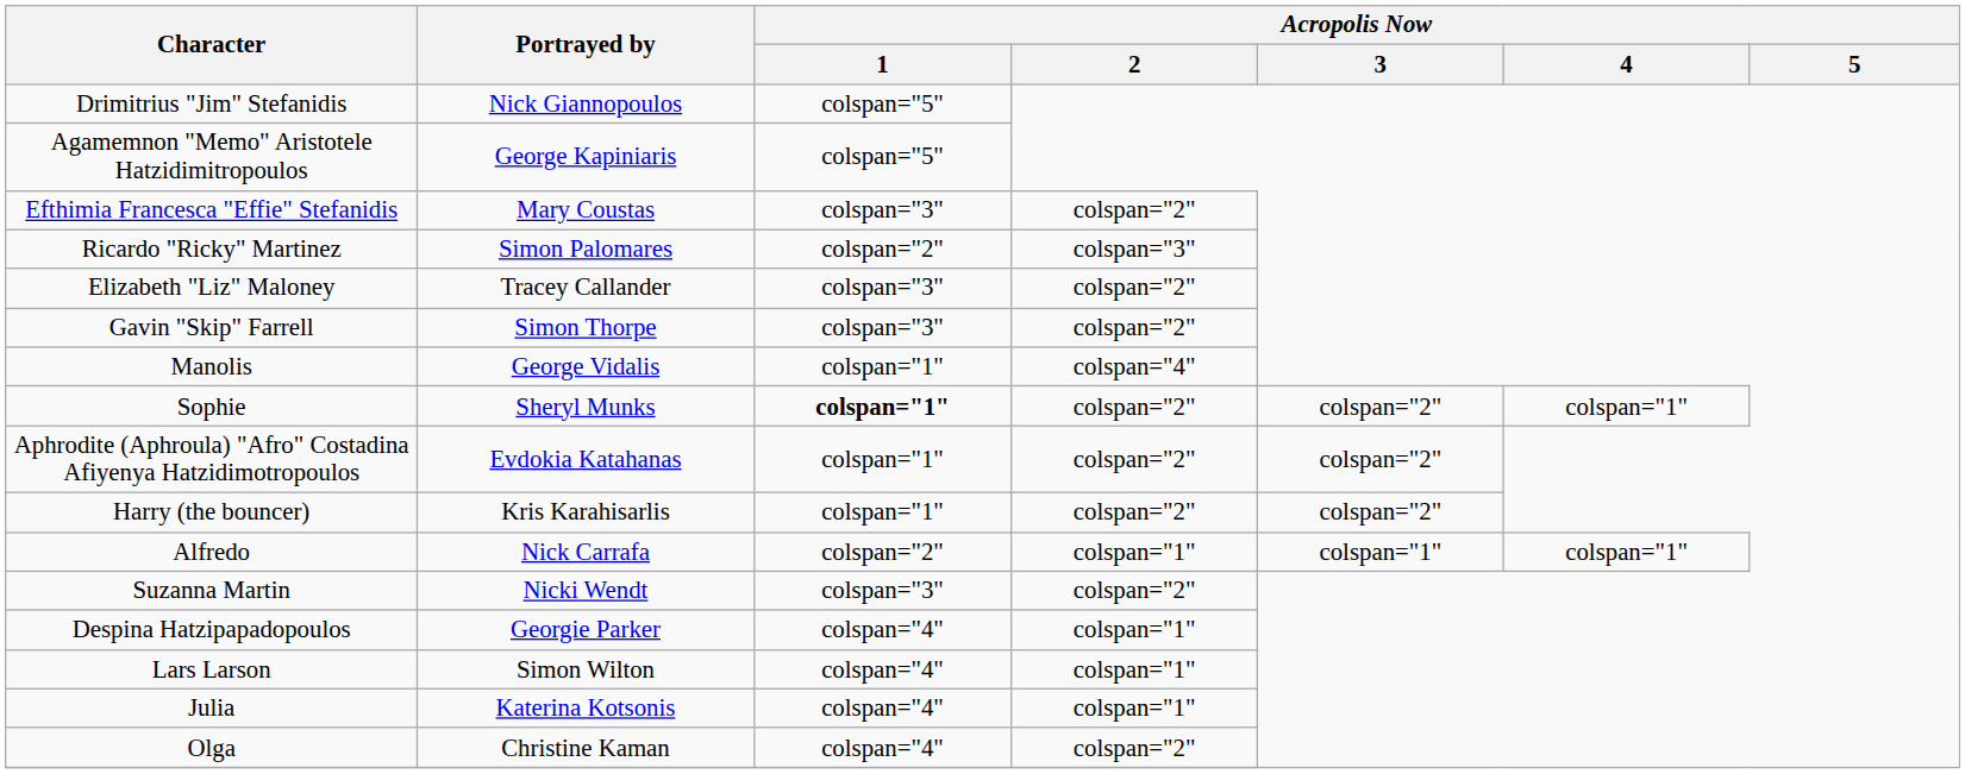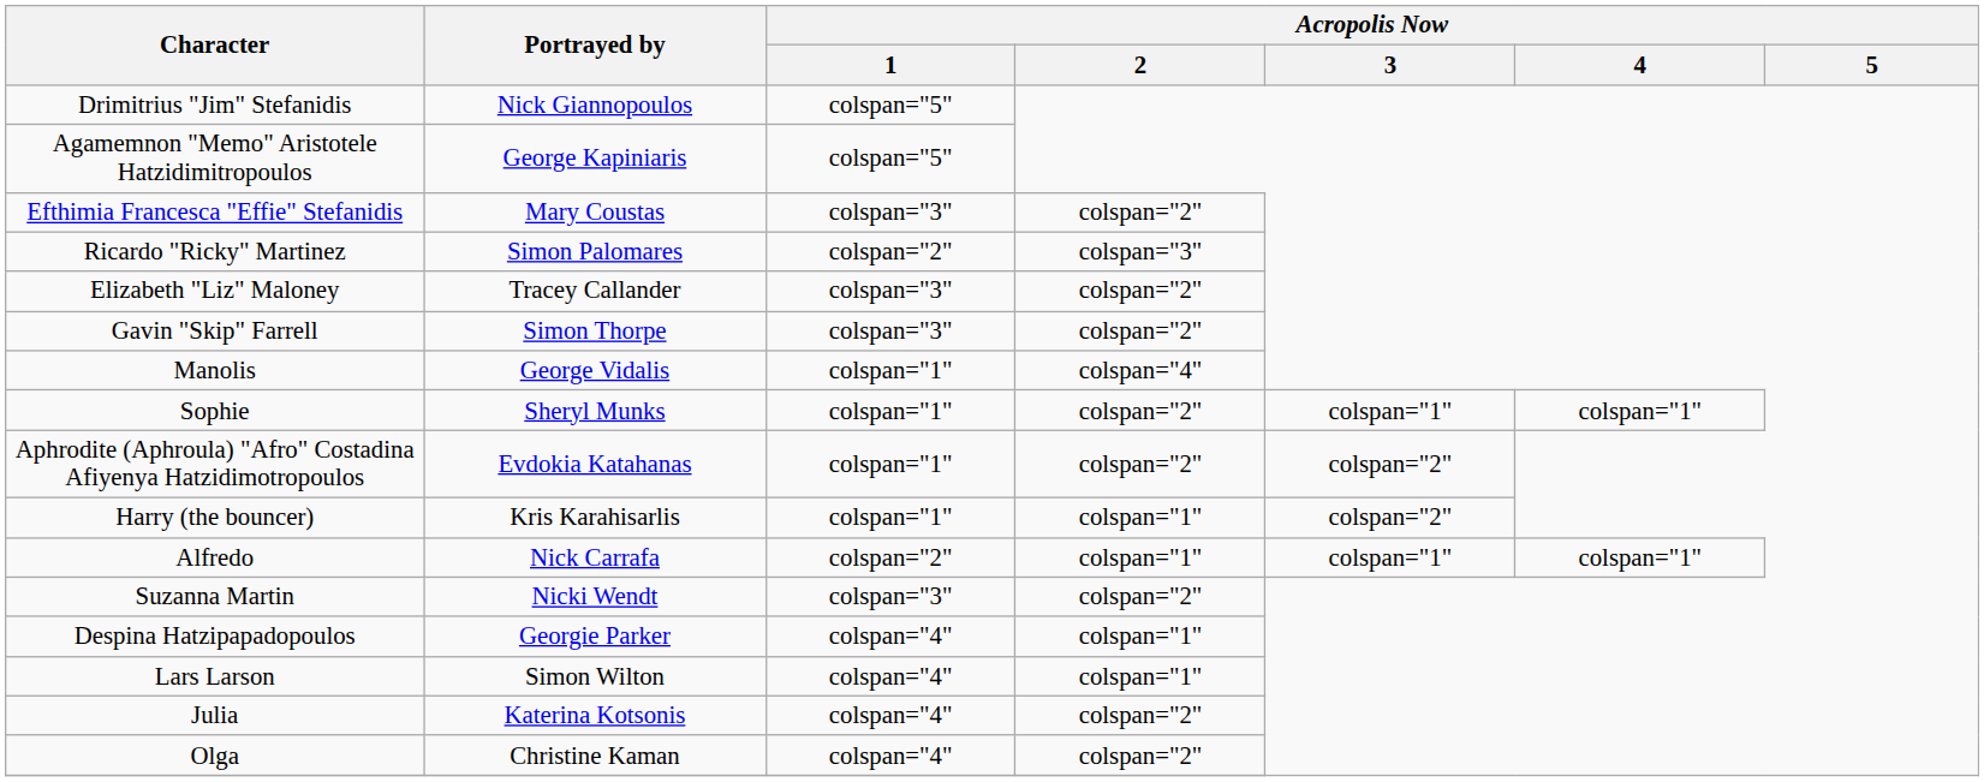 <table class="wikitable plainrowheaders" style="text-align:center; width:100%;">
 <tr>
 <th scope="col" rowspan="2" style="width:9%;">Character</th>
 <th scope="col" rowspan="2" style="width:8%;">Portrayed by</th>
 <th ! scope="col" colspan="5" style="width:83%;"><em>Acropolis Now</em></th>
 </tr>
 <tr>
 <th scope="col" style="width:5%;">1</th>
 <th scope="col" style="width:5%;">2</th>
 <th scope="col" style="width:5%;">3</th>
 <th scope="col" style="width:5%;">4</th>
 <th scope="col" style="width:5%;">5</th>
 </tr>
 <tr>
 <td scope="row">Drimitrius "Jim" Stefanidis</td>
 <td><a href='#'>Nick Giannopoulos</a></td>
 <td>colspan="5" </td>
 </tr>
 <tr>
 <td scope="row">Agamemnon "Memo" Aristotele Hatzidimitropoulos</td>
 <td><a href='#'>George Kapiniaris</a></td>
 <td>colspan="5" </td>
 </tr>
 <tr>
 <td scope="row"><a href='#'>Efthimia Francesca "Effie" Stefanidis</a></td>
 <td><a href='#'>Mary Coustas</a></td>
 <td>colspan="3" </td>
 <td>colspan="2" </td>
 </tr>
 <tr>
 <td scope="row">Ricardo "Ricky" Martinez</td>
 <td><a href='#'>Simon Palomares</a></td>
 <td>colspan="2" </td>
 <td>colspan="3" </td>
 </tr>
 <tr>
 <td scope="row">Elizabeth "Liz" Maloney</td>
 <td>Tracey Callander</td>
 <td>colspan="3" </td>
 <td>colspan="2" </td>
 </tr>
 <tr>
 <td scope="row">Gavin "Skip" Farrell</td>
 <td><a href='#'>Simon Thorpe</a></td>
 <td>colspan="3" </td>
 <td>colspan="2" </td>
 </tr>
 <tr>
 <td scope="row">Manolis</td>
 <td><a href='#'>George Vidalis</a></td>
 <td>colspan="1" </td>
 <td>colspan="4" </td>
 </tr>
 <tr>
 <td scope="row">Sophie</td>
 <td><a href='#'>Sheryl Munks</a></td>
-<td><strong>colspan="1" </strong></td>
+<td>colspan="1" </td>
 <td>colspan="2" </td>
-<td>colspan="2" </td>
+<td>colspan="1" </td>
 <td>colspan="1" </td>
 </tr>
 <tr>
 <td scope="row">Aphrodite (Aphroula) "Afro" Costadina Afiyenya Hatzidimotropoulos</td>
 <td><a href='#'>Evdokia Katahanas</a></td>
 <td>colspan="1" </td>
 <td>colspan="2" </td>
 <td>colspan="2" </td>
 </tr>
 <tr>
 <td scope="row">Harry (the bouncer)</td>
 <td>Kris Karahisarlis</td>
 <td>colspan="1" </td>
-<td>colspan="2" </td>
+<td>colspan="1" </td>
 <td>colspan="2" </td>
 </tr>
 <tr>
 <td scope="row">Alfredo</td>
 <td><a href='#'>Nick Carrafa</a></td>
 <td>colspan="2" </td>
 <td>colspan="1" </td>
 <td>colspan="1" </td>
 <td>colspan="1" </td>
 </tr>
 <tr>
 <td scope="row">Suzanna Martin</td>
 <td><a href='#'>Nicki Wendt</a></td>
 <td>colspan="3" </td>
 <td>colspan="2" </td>
 </tr>
 <tr>
 <td scope="row">Despina Hatzipapadopoulos</td>
 <td><a href='#'>Georgie Parker</a></td>
 <td>colspan="4" </td>
 <td>colspan="1" </td>
 </tr>
 <tr>
 <td scope="row">Lars Larson</td>
 <td>Simon Wilton</td>
 <td>colspan="4" </td>
 <td>colspan="1" </td>
 </tr>
 <tr>
 <td scope="row">Julia</td>
 <td><a href='#'>Katerina Kotsonis</a></td>
 <td>colspan="4" </td>
-<td>colspan="1" </td>
+<td>colspan="2" </td>
 </tr>
 <tr>
 <td scope="row">Olga</td>
 <td>Christine Kaman</td>
 <td>colspan="4" </td>
 <td>colspan="2" </td>
 </tr>
 <tr>
 </tr>
 </table>
